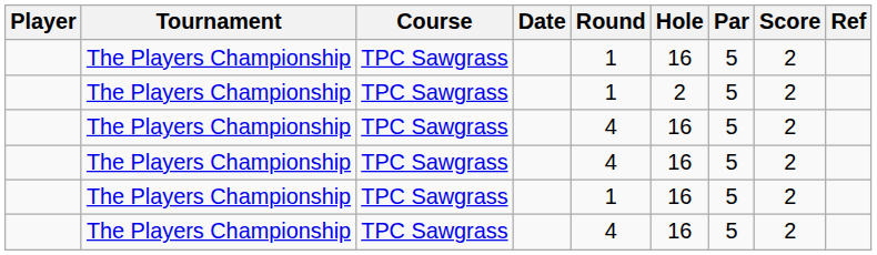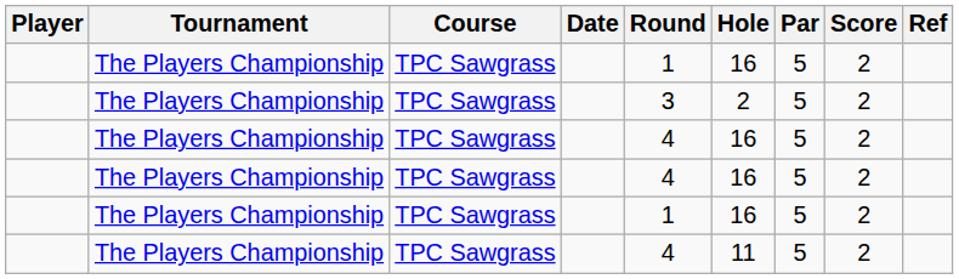 <table class="sortable wikitable">
 <tr>
 <th>Player</th>
 <th>Tournament</th>
 <th>Course</th>
 <th>Date</th>
 <th>Round</th>
 <th>Hole</th>
 <th>Par</th>
 <th>Score</th>
 <th>Ref</th>
 </tr>
 <tr>
 <td></td>
 <td><a href='#'>The Players Championship</a></td>
 <td><a href='#'>TPC Sawgrass</a></td>
 <td></td>
 <td align=center>1</td>
 <td align=center>16</td>
 <td align=center>5</td>
 <td align=center>2</td>
 <td></td>
 </tr>
 <tr>
 <td></td>
 <td><a href='#'>The Players Championship</a></td>
 <td><a href='#'>TPC Sawgrass</a></td>
 <td></td>
-<td align=center>1</td>
+<td align=center>3</td>
 <td align=center>2</td>
 <td align=center>5</td>
 <td align=center>2</td>
 <td></td>
 </tr>
 <tr>
 <td></td>
 <td><a href='#'>The Players Championship</a></td>
 <td><a href='#'>TPC Sawgrass</a></td>
 <td></td>
 <td align=center>4</td>
 <td align=center>16</td>
 <td align=center>5</td>
 <td align=center>2</td>
 <td></td>
 </tr>
 <tr>
 <td></td>
 <td><a href='#'>The Players Championship</a></td>
 <td><a href='#'>TPC Sawgrass</a></td>
 <td></td>
 <td align=center>4</td>
 <td align=center>16</td>
 <td align=center>5</td>
 <td align=center>2</td>
 <td></td>
 </tr>
 <tr>
 <td></td>
 <td><a href='#'>The Players Championship</a></td>
 <td><a href='#'>TPC Sawgrass</a></td>
 <td></td>
 <td align=center>1</td>
 <td align=center>16</td>
 <td align=center>5</td>
 <td align=center>2</td>
 <td></td>
 </tr>
 <tr>
 <td></td>
 <td><a href='#'>The Players Championship</a></td>
 <td><a href='#'>TPC Sawgrass</a></td>
 <td></td>
 <td align=center>4</td>
-<td align=center>16</td>
+<td align=center>11</td>
 <td align=center>5</td>
 <td align=center>2</td>
 <td></td>
 </tr>
 </table>
